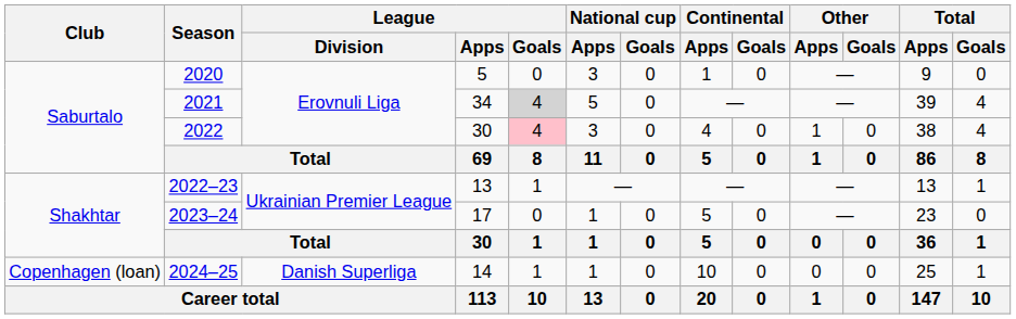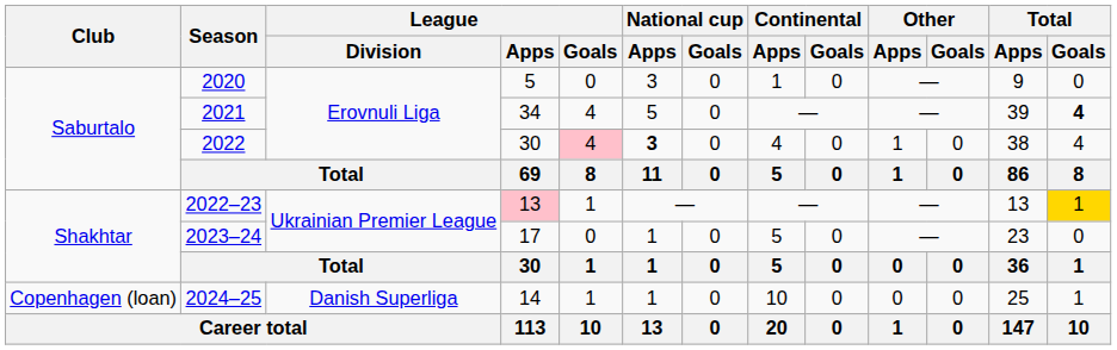 <table class="wikitable" style="text-align:center">
 <tr>
 <th rowspan="2">Club</th>
 <th rowspan="2">Season</th>
 <th colspan="3">League</th>
 <th colspan="2">National cup</th>
 <th colspan="2">Continental</th>
 <th colspan="2">Other</th>
 <th colspan="2">Total</th>
 </tr>
 <tr>
 <th>Division</th>
 <th>Apps</th>
 <th>Goals</th>
 <th>Apps</th>
 <th>Goals</th>
 <th>Apps</th>
 <th>Goals</th>
 <th>Apps</th>
 <th>Goals</th>
 <th>Apps</th>
 <th>Goals</th>
 </tr>
 <tr>
 <td rowspan="4"><a href='#'>Saburtalo</a></td>
 <td><a href='#'>2020</a></td>
 <td rowspan="3"><a href='#'>Erovnuli Liga</a></td>
 <td>5</td>
 <td>0</td>
 <td>3</td>
 <td>0</td>
 <td>1</td>
 <td>0</td>
 <td colspan="2">—</td>
 <td>9</td>
 <td>0</td>
 </tr>
 <tr>
 <td><a href='#'>2021</a></td>
 <td>34</td>
-<td style="background: lightgrey;">4</td>
+<td>4</td>
 <td>5</td>
 <td>0</td>
 <td colspan="2">—</td>
 <td colspan="2">—</td>
 <td>39</td>
-<td>4</td>
+<td><strong>4</strong></td>
 </tr>
 <tr>
 <td><a href='#'>2022</a></td>
 <td>30</td>
 <td style="background: pink;">4</td>
-<td>3</td>
+<td><strong>3</strong></td>
 <td>0</td>
 <td>4</td>
 <td>0</td>
 <td>1</td>
 <td>0</td>
 <td>38</td>
 <td>4</td>
 </tr>
 <tr>
 <th colspan="2">Total</th>
 <th>69</th>
 <th>8</th>
 <th>11</th>
 <th>0</th>
 <th>5</th>
 <th>0</th>
 <th>1</th>
 <th>0</th>
 <th>86</th>
 <th>8</th>
 </tr>
 <tr>
 <td rowspan="3"><a href='#'>Shakhtar</a></td>
 <td><a href='#'>2022–23</a></td>
 <td rowspan="2"><a href='#'>Ukrainian Premier League</a></td>
-<td>13</td>
+<td style="background: pink;">13</td>
 <td>1</td>
 <td colspan="2">—</td>
 <td colspan="2">—</td>
 <td colspan="2">—</td>
 <td>13</td>
-<td>1</td>
+<td style="background: gold;">1</td>
 </tr>
 <tr>
 <td><a href='#'>2023–24</a></td>
 <td>17</td>
 <td>0</td>
 <td>1</td>
 <td>0</td>
 <td>5</td>
 <td>0</td>
 <td colspan="2">—</td>
 <td>23</td>
 <td>0</td>
 </tr>
 <tr>
 <th colspan="2">Total</th>
 <th>30</th>
 <th>1</th>
 <th>1</th>
 <th>0</th>
 <th>5</th>
 <th>0</th>
 <th>0</th>
 <th>0</th>
 <th>36</th>
 <th>1</th>
 </tr>
 <tr>
 <td><a href='#'>Copenhagen</a> (loan)</td>
 <td><a href='#'>2024–25</a></td>
 <td><a href='#'>Danish Superliga</a></td>
 <td>14</td>
 <td>1</td>
 <td>1</td>
 <td>0</td>
 <td>10</td>
 <td>0</td>
 <td>0</td>
 <td>0</td>
 <td>25</td>
 <td>1</td>
 </tr>
 <tr>
 <th colspan="3">Career total</th>
 <th>113</th>
 <th>10</th>
 <th>13</th>
 <th>0</th>
 <th>20</th>
 <th>0</th>
 <th>1</th>
 <th>0</th>
 <th>147</th>
 <th>10</th>
 </tr>
 </table>
